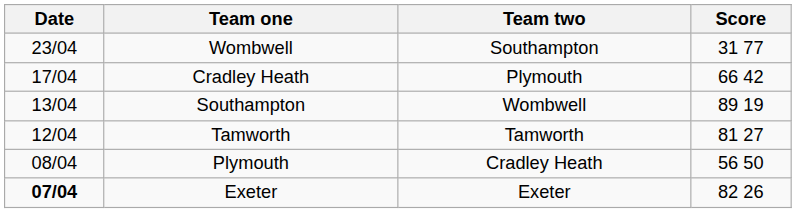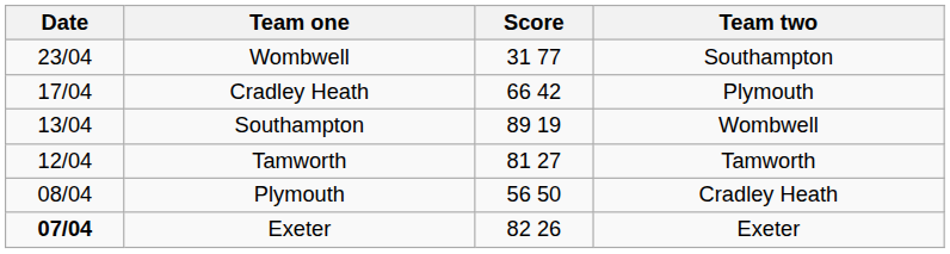 <table class="wikitable" style="text-align: center">
 <tr>
 <th width=80>Date</th>
 <th width=250>Team one</th>
+<th width=80>Score</th>
 <th width=250>Team two</th>
-<th width=80>Score</th>
 </tr>
 <tr>
 <td>23/04</td>
 <td>Wombwell</td>
+<td>31	77</td>
 <td>Southampton</td>
-<td>31	77</td>
 </tr>
 <tr>
 <td>17/04</td>
 <td>Cradley Heath</td>
+<td>66	42</td>
 <td>Plymouth</td>
-<td>66	42</td>
 </tr>
 <tr>
 <td>13/04</td>
 <td>Southampton</td>
+<td>89	19</td>
 <td>Wombwell</td>
-<td>89	19</td>
 </tr>
 <tr>
 <td>12/04</td>
 <td>Tamworth</td>
+<td>81	27</td>
 <td>Tamworth</td>
-<td>81	27</td>
 </tr>
 <tr>
 <td>08/04</td>
 <td>Plymouth</td>
+<td>56	50</td>
 <td>Cradley Heath</td>
-<td>56	50</td>
 </tr>
 <tr>
 <td><strong>07/04</strong></td>
 <td>Exeter</td>
+<td>82	26</td>
 <td>Exeter</td>
-<td>82	26</td>
 </tr>
 </table>
